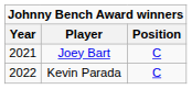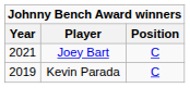 <table class="wikitable">
 <tr>
 <td colspan="3"><strong>Johnny Bench Award winners</strong></td>
 </tr>
 <tr>
 <th>Year</th>
 <th>Player</th>
 <th>Position</th>
 </tr>
 <tr style="text-align:center;">
 <td>2021</td>
 <td><a href='#'>Joey Bart</a></td>
 <td><a href='#'>C</a></td>
 </tr>
 <tr style="text-align:center;">
-<td>2022</td>
+<td>2019</td>
 <td>Kevin Parada</td>
 <td><a href='#'>C</a></td>
 </tr>
 </table>
